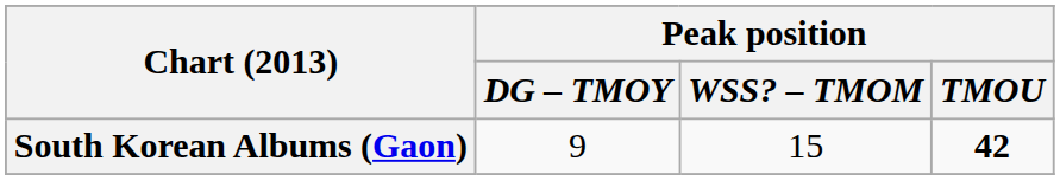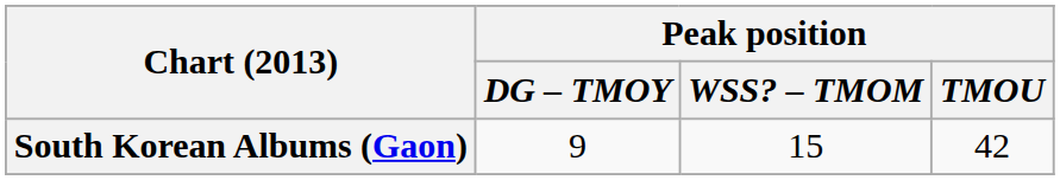 <table class="wikitable plainrowheaders" style="text-align:center">
 <tr>
 <th scope="col" rowspan="2">Chart (2013)</th>
 <th scope="col" colspan="3">Peak position</th>
 </tr>
 <tr>
 <th><em>DG – TMOY</em></th>
 <th><em>WSS? – TMOM</em></th>
 <th><em>TMOU</em></th>
 </tr>
 <tr>
 <th scope="row">South Korean Albums (<a href='#'>Gaon</a>)</th>
 <td>9</td>
 <td>15</td>
-<td><strong>42</strong></td>
+<td>42</td>
 </tr>
 </table>
